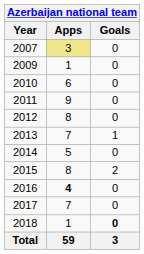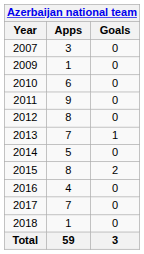 <table class="wikitable" style="text-align:center">
 <tr>
 <th colspan=3><a href='#'>Azerbaijan national team</a></th>
 </tr>
 <tr>
 <th>Year</th>
 <th>Apps</th>
 <th>Goals</th>
 </tr>
 <tr>
 <td>2007</td>
-<td style="background: khaki;">3</td>
+<td>3</td>
 <td>0</td>
 </tr>
 <tr>
 <td>2009</td>
 <td>1</td>
 <td>0</td>
 </tr>
 <tr>
 <td>2010</td>
 <td>6</td>
 <td>0</td>
 </tr>
 <tr>
 <td>2011</td>
 <td>9</td>
 <td>0</td>
 </tr>
 <tr>
 <td>2012</td>
 <td>8</td>
 <td>0</td>
 </tr>
 <tr>
 <td>2013</td>
 <td>7</td>
 <td>1</td>
 </tr>
 <tr>
 <td>2014</td>
 <td>5</td>
 <td>0</td>
 </tr>
 <tr>
 <td>2015</td>
 <td>8</td>
 <td>2</td>
 </tr>
 <tr>
 <td>2016</td>
-<td><strong>4</strong></td>
+<td>4</td>
 <td>0</td>
 </tr>
 <tr>
 <td>2017</td>
 <td>7</td>
 <td>0</td>
 </tr>
 <tr>
 <td>2018</td>
 <td>1</td>
-<td><strong>0</strong></td>
+<td>0</td>
 </tr>
 <tr>
 <th>Total</th>
 <th>59</th>
 <th>3</th>
 </tr>
 </table>
